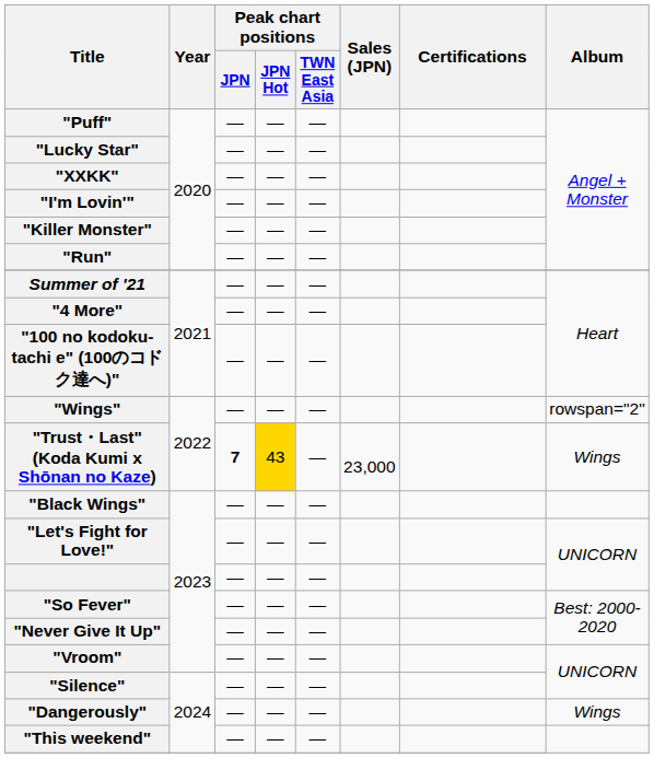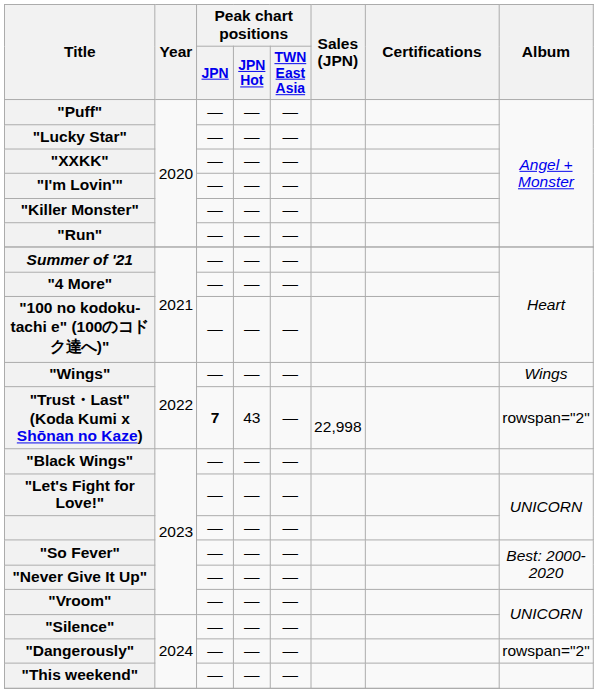 <table class="wikitable plainrowheaders" style="text-align:center;">
 <tr>
 <th scope="col" rowspan="2" style="width:18em;">Title</th>
 <th scope="col" rowspan="2">Year</th>
 <th scope="col" colspan="3">Peak chart positions</th>
 <th scope="col" rowspan="2">Sales (JPN)</th>
 <th scope="col" rowspan="2" style="width:15em;">Certifications</th>
 <th scope="col" rowspan="2">Album</th>
 </tr>
 <tr>
 <th style="width:3em;font-size:90%"><a href='#'>JPN</a><br></th>
 <th style="width:3em;font-size:90%"><a href='#'>JPN Hot</a><br></th>
 <th style="width:3em;font-size:90%"><a href='#'>TWN East Asia</a><br></th>
 </tr>
 <tr>
 <th scope="row">"Puff"</th>
 <td rowspan="6">2020</td>
 <td>—</td>
 <td>—</td>
 <td>—</td>
 <td></td>
 <td></td>
 <td rowspan="6"><em><a href='#'>Angel + Monster</a></em></td>
 </tr>
 <tr>
 <th scope="row">"Lucky Star"</th>
 <td>—</td>
 <td>—</td>
 <td>—</td>
 <td></td>
 <td></td>
 </tr>
 <tr>
 <th scope="row">"XXKK"</th>
 <td>—</td>
 <td>—</td>
 <td>—</td>
 <td></td>
 <td></td>
 </tr>
 <tr>
 <th scope="row">"I'm Lovin'"</th>
 <td>—</td>
 <td>—</td>
 <td>—</td>
 <td></td>
 <td></td>
 </tr>
 <tr>
 <th scope="row">"Killer Monster"</th>
 <td>—</td>
 <td>—</td>
 <td>—</td>
 <td></td>
 </tr>
 <tr>
 <th scope="row">"Run"</th>
 <td>—</td>
 <td>—</td>
 <td>—</td>
 <td></td>
 <td></td>
 </tr>
 <tr>
 </tr>
 <tr>
 <th scope="row"><em>Summer of '21</em></th>
 <td rowspan="3">2021</td>
 <td>—</td>
 <td>—</td>
 <td>—</td>
 <td></td>
 <td></td>
 <td rowspan="3"><em>Heart</em></td>
 </tr>
 <tr>
 <th scope="row">"4 More"</th>
 <td>—</td>
 <td>—</td>
 <td>—</td>
 <td></td>
 <td></td>
 </tr>
 <tr>
 <th scope="row">"100 no kodoku-tachi e" (100のコドク達へ)"</th>
 <td>—</td>
 <td>—</td>
 <td>—</td>
 <td></td>
 <td></td>
 </tr>
 <tr>
 <th scope="row">"Wings"</th>
 <td rowspan="2">2022</td>
 <td>—</td>
 <td>—</td>
 <td>—</td>
 <td></td>
 <td></td>
-<td>rowspan="2" </td>
+<td><em>Wings</em></td>
 </tr>
 <tr>
 <th scope="row">"Trust・Last"<br><span>(Koda Kumi x <a href='#'>Shōnan no Kaze</a>)</span></th>
 <td><strong>7</strong></td>
-<td style="background: gold;">43</td>
+<td>43</td>
 <td>—</td>
-<td><br>23,000</td>
+<td><br>22,998</td>
 <td></td>
-<td><em>Wings</em></td>
+<td>rowspan="2" </td>
 </tr>
 <tr>
 <th scope="row">"Black Wings"</th>
 <td rowspan="6">2023</td>
 <td>—</td>
 <td>—</td>
 <td>—</td>
 <td></td>
 <td></td>
 </tr>
 <tr>
 <th scope="row">"Let's Fight for Love!"</th>
 <td>—</td>
 <td>—</td>
 <td>—</td>
 <td></td>
 <td></td>
 <td rowspan="2"><em>UNICORN</em></td>
 </tr>
 <tr>
 <th scope="row"></th>
 <td>—</td>
 <td>—</td>
 <td>—</td>
 <td></td>
 <td></td>
 </tr>
 <tr>
 <th scope="row">"So Fever"</th>
 <td>—</td>
 <td>—</td>
 <td>—</td>
 <td></td>
 <td></td>
 <td rowspan="2"><em>Best: 2000-2020</em></td>
 </tr>
 <tr>
 <th scope="row">"Never Give It Up"</th>
 <td>—</td>
 <td>—</td>
 <td>—</td>
 <td></td>
 <td></td>
 </tr>
 <tr>
 <th scope="row">"Vroom"</th>
 <td>—</td>
 <td>—</td>
 <td>—</td>
 <td></td>
 <td></td>
 <td rowspan="2"><em>UNICORN</em></td>
 </tr>
 <tr>
 <th scope="row">"Silence"</th>
 <td rowspan="3">2024</td>
 <td>—</td>
 <td>—</td>
 <td>—</td>
 <td></td>
 <td></td>
 </tr>
 <tr>
 <th scope="row">"Dangerously"</th>
 <td>—</td>
 <td>—</td>
 <td>—</td>
 <td></td>
 <td></td>
-<td><em>Wings</em></td>
+<td>rowspan="2"  </td>
 </tr>
 <tr>
 <th scope="row">"This weekend"</th>
 <td>—</td>
 <td>—</td>
 <td>—</td>
 <td></td>
 <td></td>
 </tr>
 <tr>
 </tr>
 </table>
